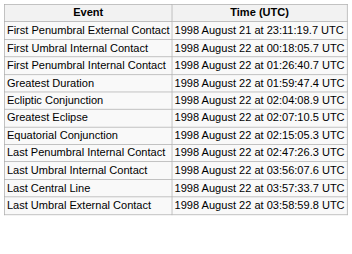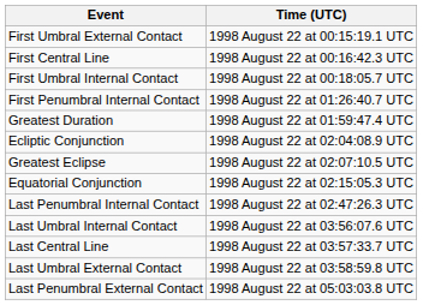 <table class="wikitable">
 <tr>
 <th>Event</th>
 <th>Time (UTC)</th>
 </tr>
 <tr>
-<td>First Penumbral External Contact</td>
-<td>1998 August 21 at 23:11:19.7 UTC</td>
+<td>First Umbral External Contact</td>
+<td>1998 August 22 at 00:15:19.1 UTC</td>
+</tr>
+<tr>
+<td>First Central Line</td>
+<td>1998 August 22 at 00:16:42.3 UTC</td>
 </tr>
 <tr>
 <td>First Umbral Internal Contact</td>
 <td>1998 August 22 at 00:18:05.7 UTC</td>
 </tr>
 <tr>
 <td>First Penumbral Internal Contact</td>
 <td>1998 August 22 at 01:26:40.7 UTC</td>
 </tr>
 <tr>
 <td>Greatest Duration</td>
 <td>1998 August 22 at 01:59:47.4 UTC</td>
 </tr>
 <tr>
 <td>Ecliptic Conjunction</td>
 <td>1998 August 22 at 02:04:08.9 UTC</td>
 </tr>
 <tr>
 <td>Greatest Eclipse</td>
 <td>1998 August 22 at 02:07:10.5 UTC</td>
 </tr>
 <tr>
 <td>Equatorial Conjunction</td>
 <td>1998 August 22 at 02:15:05.3 UTC</td>
 </tr>
 <tr>
 <td>Last Penumbral Internal Contact</td>
 <td>1998 August 22 at 02:47:26.3 UTC</td>
 </tr>
 <tr>
 <td>Last Umbral Internal Contact</td>
 <td>1998 August 22 at 03:56:07.6 UTC</td>
 </tr>
 <tr>
 <td>Last Central Line</td>
 <td>1998 August 22 at 03:57:33.7 UTC</td>
 </tr>
 <tr>
 <td>Last Umbral External Contact</td>
 <td>1998 August 22 at 03:58:59.8 UTC</td>
 </tr>
+<tr>
+<td>Last Penumbral External Contact</td>
+<td>1998 August 22 at 05:03:03.8 UTC</td>
+</tr>
 </table>
